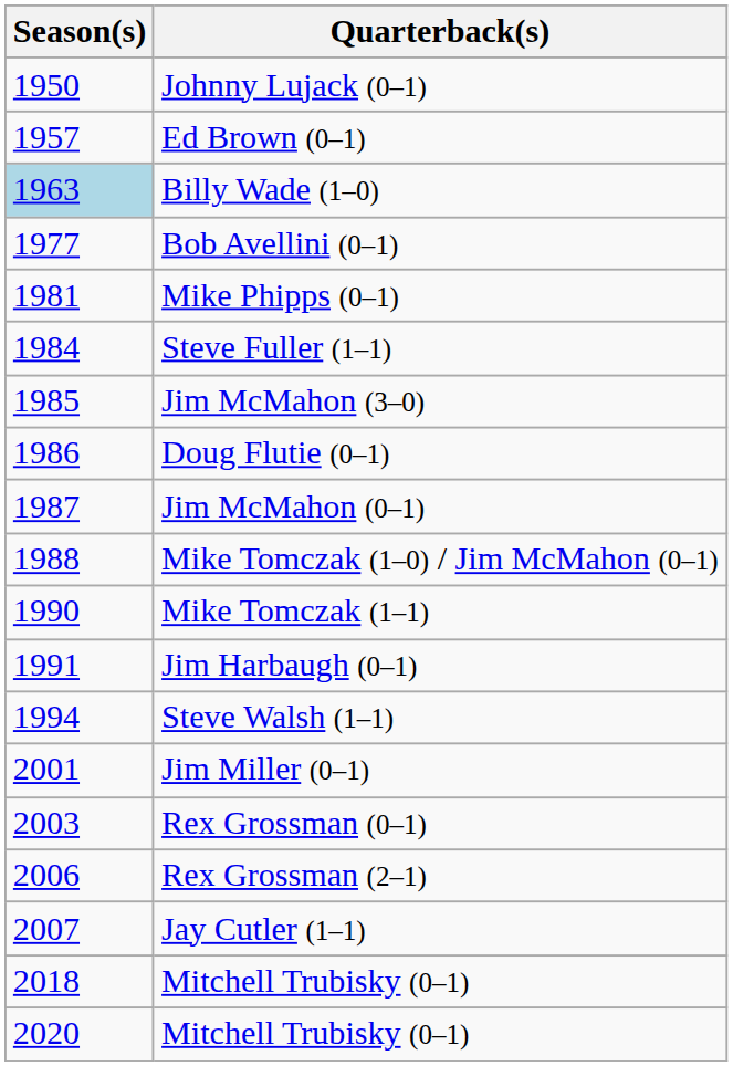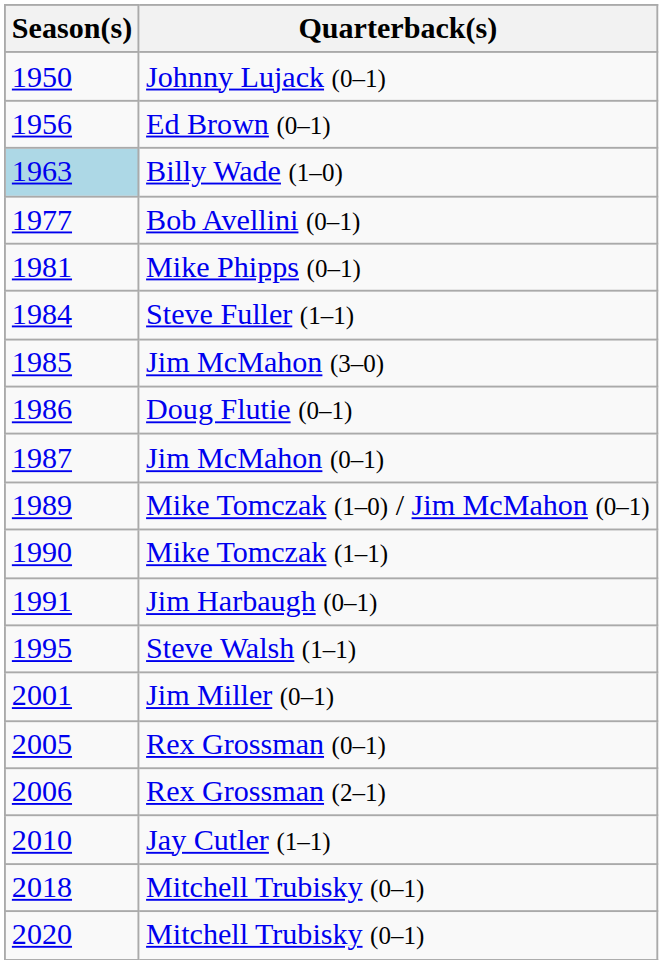 <table class="wikitable">
 <tr>
 <th>Season(s)</th>
 <th>Quarterback(s)</th>
 </tr>
 <tr>
 <td><a href='#'>1950</a></td>
 <td><a href='#'>Johnny Lujack</a> <small>(0–1)</small></td>
 </tr>
 <tr>
-<td><a href='#'>1957</a></td>
+<td><a href='#'>1956</a></td>
 <td><a href='#'>Ed Brown</a> <small>(0–1)</small></td>
 </tr>
 <tr>
 <td style="background: lightblue;"><a href='#'>1963</a></td>
 <td><a href='#'>Billy Wade</a> <small>(1–0)</small></td>
 </tr>
 <tr>
 <td><a href='#'>1977</a></td>
 <td><a href='#'>Bob Avellini</a> <small>(0–1)</small></td>
 </tr>
 <tr>
 <td><a href='#'>1981</a></td>
 <td><a href='#'>Mike Phipps</a> <small>(0–1)</small></td>
 </tr>
 <tr>
 <td><a href='#'>1984</a></td>
 <td><a href='#'>Steve Fuller</a> <small>(1–1)</small></td>
 </tr>
 <tr>
 <td><a href='#'>1985</a></td>
 <td><a href='#'>Jim McMahon</a> <small>(3–0)</small></td>
 </tr>
 <tr>
 <td><a href='#'>1986</a></td>
 <td><a href='#'>Doug Flutie</a> <small>(0–1)</small></td>
 </tr>
 <tr>
 <td><a href='#'>1987</a></td>
 <td><a href='#'>Jim McMahon</a> <small>(0–1)</small></td>
 </tr>
 <tr>
-<td><a href='#'>1988</a></td>
+<td><a href='#'>1989</a></td>
 <td><a href='#'>Mike Tomczak</a> <small>(1–0)</small> / <a href='#'>Jim McMahon</a> <small>(0–1)</small></td>
 </tr>
 <tr>
 <td><a href='#'>1990</a></td>
 <td><a href='#'>Mike Tomczak</a> <small>(1–1)</small></td>
 </tr>
 <tr>
 <td><a href='#'>1991</a></td>
 <td><a href='#'>Jim Harbaugh</a> <small>(0–1)</small></td>
 </tr>
 <tr>
-<td><a href='#'>1994</a></td>
+<td><a href='#'>1995</a></td>
 <td><a href='#'>Steve Walsh</a> <small>(1–1)</small></td>
 </tr>
 <tr>
 <td><a href='#'>2001</a></td>
 <td><a href='#'>Jim Miller</a> <small>(0–1)</small></td>
 </tr>
 <tr>
-<td><a href='#'>2003</a></td>
+<td><a href='#'>2005</a></td>
 <td><a href='#'>Rex Grossman</a> <small>(0–1)</small></td>
 </tr>
 <tr>
 <td><a href='#'>2006</a></td>
 <td><a href='#'>Rex Grossman</a> <small>(2–1)</small></td>
 </tr>
 <tr>
-<td><a href='#'>2007</a></td>
+<td><a href='#'>2010</a></td>
 <td><a href='#'>Jay Cutler</a> <small>(1–1)</small></td>
 </tr>
 <tr>
 <td><a href='#'>2018</a></td>
 <td><a href='#'>Mitchell Trubisky</a> <small>(0–1)</small></td>
 </tr>
 <tr>
 <td><a href='#'>2020</a></td>
 <td><a href='#'>Mitchell Trubisky</a> <small>(0–1)</small></td>
 </tr>
 </table>
